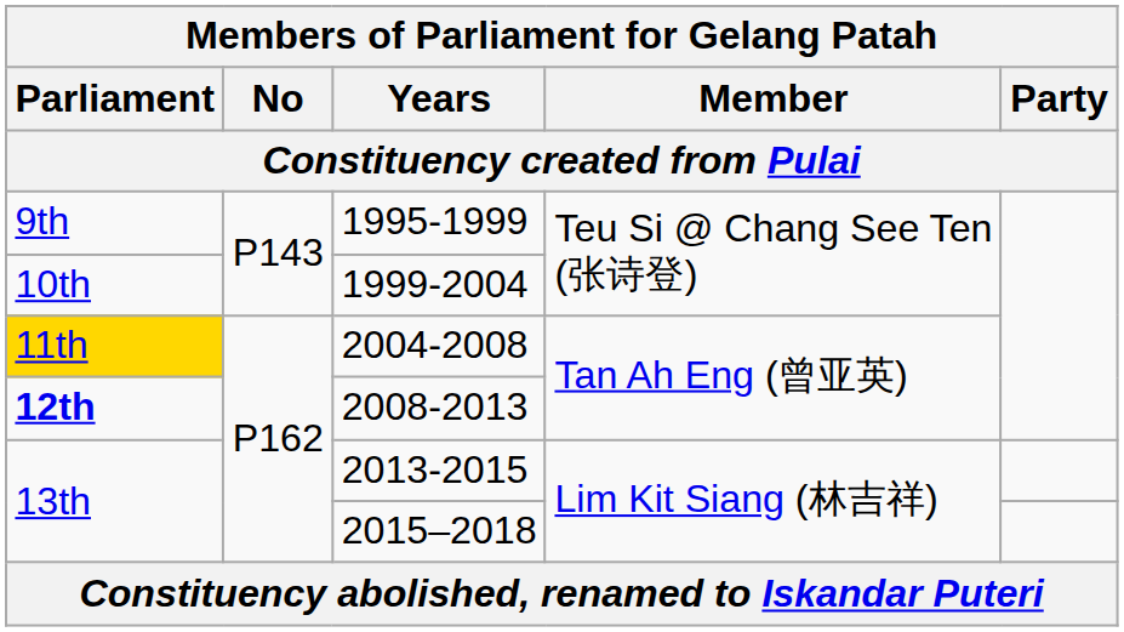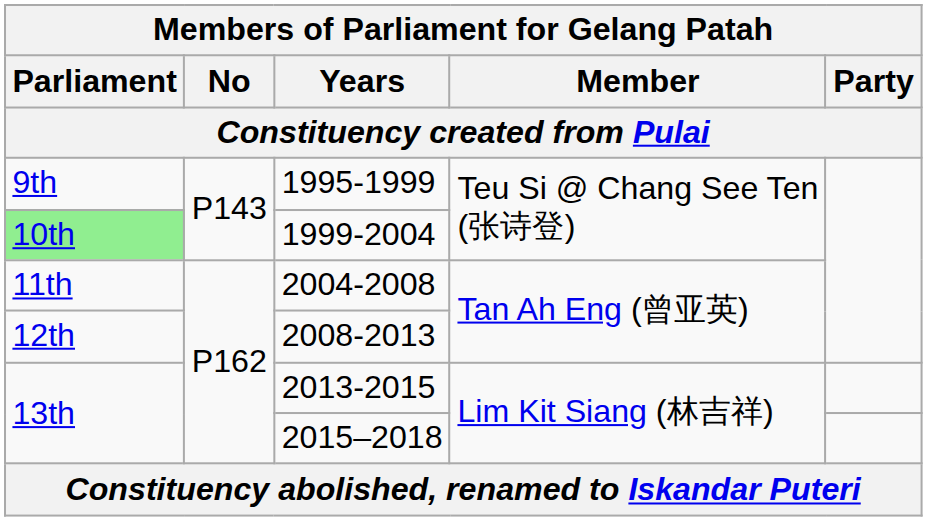 <table class=wikitable>
 <tr>
 <th colspan="5">Members of Parliament for Gelang Patah</th>
 </tr>
 <tr>
 <th>Parliament</th>
 <th>No</th>
 <th>Years</th>
 <th>Member</th>
 <th>Party</th>
 </tr>
 <tr>
 <th colspan="5" align="center"><em>Constituency created from <a href='#'>Pulai</a></em></th>
 </tr>
 <tr>
 <td><a href='#'>9th</a></td>
 <td rowspan="2">P143</td>
 <td>1995-1999</td>
 <td rowspan=2>Teu Si @ Chang See Ten <br> (张诗登)</td>
 <td rowspan="4"></td>
 </tr>
 <tr>
-<td><a href='#'>10th</a></td>
+<td style="background: lightgreen;"><a href='#'>10th</a></td>
 <td>1999-2004</td>
 </tr>
 <tr>
-<td style="background: gold;"><a href='#'>11th</a></td>
+<td><a href='#'>11th</a></td>
 <td rowspan=4>P162</td>
 <td>2004-2008</td>
 <td rowspan=2><a href='#'>Tan Ah Eng</a> (曾亚英)</td>
 </tr>
 <tr>
-<td><strong><a href='#'>12th</a></strong></td>
+<td><a href='#'>12th</a></td>
 <td>2008-2013</td>
 </tr>
 <tr>
 <td rowspan=2><a href='#'>13th</a></td>
 <td>2013-2015</td>
 <td rowspan=2><a href='#'>Lim Kit Siang</a> (林吉祥)</td>
 <td></td>
 </tr>
 <tr>
 <td>2015–2018</td>
 <td></td>
 </tr>
 <tr>
 <th colspan="5" align="center"><em>Constituency abolished, renamed to <a href='#'>Iskandar Puteri</a></em></th>
 </tr>
 </table>
